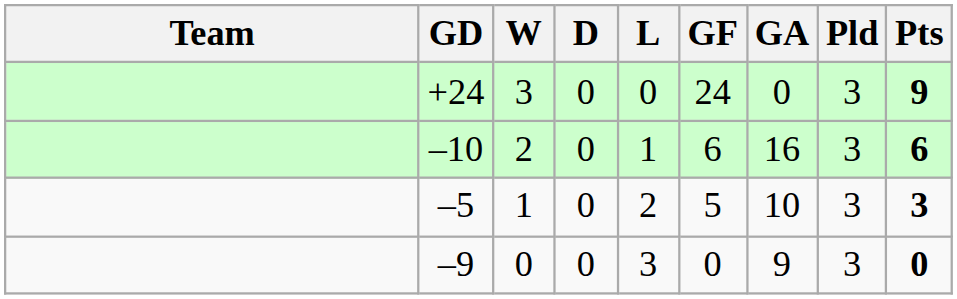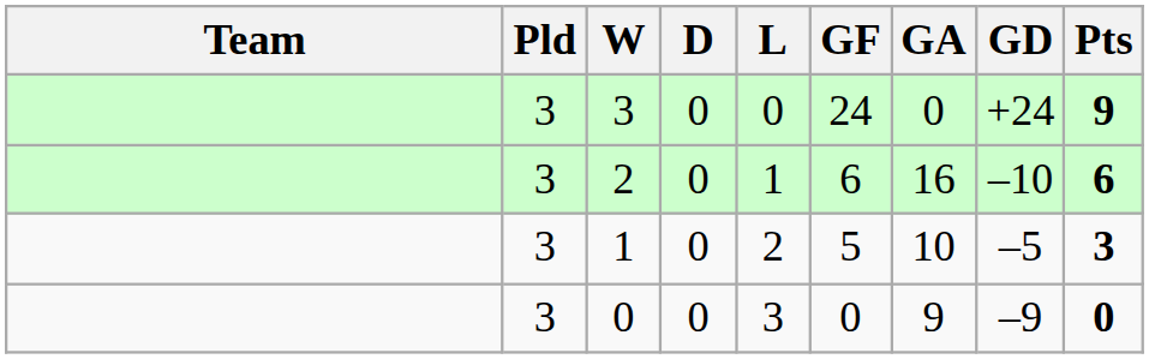 <table class="wikitable" style="text-align:center;">
 <tr>
 <th width=175>Team</th>
-<th width=20 abbr="Goal difference">GD</th>
+<th width=20 abbr="Played">Pld</th>
 <th width=20 abbr="Won">W</th>
 <th width=20 abbr="Drawn">D</th>
 <th width=20 abbr="Lost">L</th>
 <th width=20 abbr="Goals for">GF</th>
 <th width=20 abbr="Goals against">GA</th>
-<th width=20 abbr="Played">Pld</th>
+<th width=20 abbr="Goal difference">GD</th>
 <th width=20 abbr="Points">Pts</th>
 </tr>
 <tr style="background:#ccffcc;">
 <td style="text-align:left;"></td>
-<td>+24</td>
+<td>3</td>
 <td>3</td>
 <td>0</td>
 <td>0</td>
 <td>24</td>
 <td>0</td>
-<td>3</td>
+<td>+24</td>
 <td><strong>9</strong></td>
 </tr>
 <tr style="background:#ccffcc;">
 <td style="text-align:left;"></td>
-<td>–10</td>
+<td>3</td>
 <td>2</td>
 <td>0</td>
 <td>1</td>
 <td>6</td>
 <td>16</td>
-<td>3</td>
+<td>–10</td>
 <td><strong>6</strong></td>
 </tr>
 <tr>
 <td style="text-align:left;"></td>
-<td>–5</td>
+<td>3</td>
 <td>1</td>
 <td>0</td>
 <td>2</td>
 <td>5</td>
 <td>10</td>
-<td>3</td>
+<td>–5</td>
 <td><strong>3</strong></td>
 </tr>
 <tr>
 <td style="text-align:left;"></td>
-<td>–9</td>
+<td>3</td>
 <td>0</td>
 <td>0</td>
 <td>3</td>
 <td>0</td>
 <td>9</td>
-<td>3</td>
+<td>–9</td>
 <td><strong>0</strong></td>
 </tr>
 </table>
